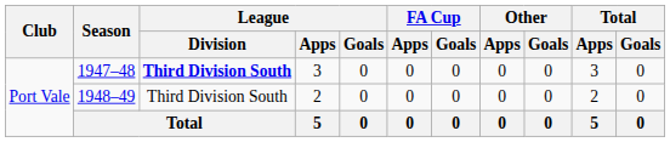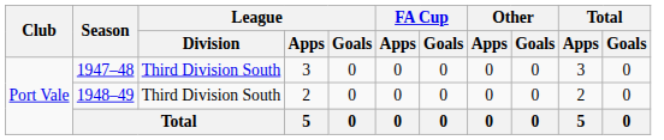 <table class="wikitable" style="text-align:center">
 <tr>
 <th rowspan="2">Club</th>
 <th rowspan="2">Season</th>
 <th colspan="3">League</th>
 <th colspan="2"><a href='#'>FA Cup</a></th>
 <th colspan="2">Other</th>
 <th colspan="2">Total</th>
 </tr>
 <tr>
 <th>Division</th>
 <th>Apps</th>
 <th>Goals</th>
 <th>Apps</th>
 <th>Goals</th>
 <th>Apps</th>
 <th>Goals</th>
 <th>Apps</th>
 <th>Goals</th>
 </tr>
 <tr>
 <td rowspan="3"><a href='#'>Port Vale</a></td>
 <td><a href='#'>1947–48</a></td>
-<td><strong><a href='#'>Third Division South</a></strong></td>
+<td><a href='#'>Third Division South</a></td>
 <td>3</td>
 <td>0</td>
 <td>0</td>
 <td>0</td>
 <td>0</td>
 <td>0</td>
 <td>3</td>
 <td>0</td>
 </tr>
 <tr>
 <td><a href='#'>1948–49</a></td>
 <td>Third Division South</td>
 <td>2</td>
 <td>0</td>
 <td>0</td>
 <td>0</td>
 <td>0</td>
 <td>0</td>
 <td>2</td>
 <td>0</td>
 </tr>
 <tr>
 <th colspan="2">Total</th>
 <th>5</th>
 <th>0</th>
 <th>0</th>
 <th>0</th>
 <th>0</th>
 <th>0</th>
 <th>5</th>
 <th>0</th>
 </tr>
 </table>
